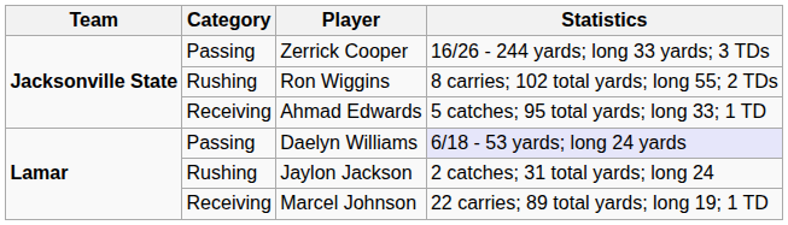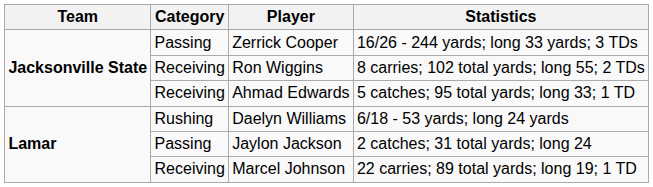 <table class="wikitable" style="float: right;">
 <tr>
 <th>Team</th>
 <th>Category</th>
 <th>Player</th>
 <th>Statistics</th>
 </tr>
 <tr>
 <td rowspan=3><strong>Jacksonville State</strong></td>
 <td>Passing</td>
 <td>Zerrick Cooper</td>
 <td>16/26 - 244 yards; long 33 yards; 3 TDs</td>
 </tr>
 <tr>
-<td>Rushing</td>
+<td>Receiving</td>
 <td>Ron Wiggins</td>
 <td>8 carries; 102 total yards; long 55; 2 TDs</td>
 </tr>
 <tr>
 <td>Receiving</td>
 <td>Ahmad Edwards</td>
 <td>5 catches; 95 total yards; long 33; 1 TD</td>
 </tr>
 <tr>
 <td rowspan=3><strong>Lamar</strong></td>
-<td>Passing</td>
+<td>Rushing</td>
 <td>Daelyn Williams</td>
-<td style="background: lavender;">6/18 - 53 yards; long 24 yards</td>
+<td>6/18 - 53 yards; long 24 yards</td>
 </tr>
 <tr>
-<td>Rushing</td>
+<td>Passing</td>
 <td>Jaylon Jackson</td>
 <td>2 catches; 31 total yards; long 24</td>
 </tr>
 <tr>
 <td>Receiving</td>
 <td>Marcel Johnson</td>
 <td>22 carries; 89 total yards; long 19; 1 TD</td>
 </tr>
 </table>
